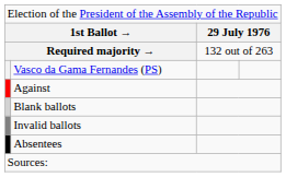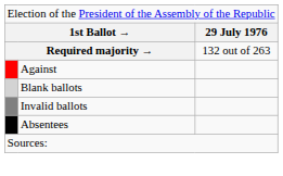 <table class="wikitable" style="text-align:center;">
 <tr>
 <td colspan="4" align="center">Election of the <a href='#'>President of the Assembly of the Republic</a></td>
 </tr>
 <tr>
 <th colspan="2" width="225px">1st Ballot →</th>
 <th colspan="2">29 July 1976</th>
 </tr>
 <tr>
 <th colspan="2">Required majority →</th>
 <td colspan="2">132 out of 263</td>
-</tr>
-<tr>
-<th width="1px" style="background:"></th>
-<td align="left"><a href='#'>Vasco da Gama Fernandes</a> (<a href='#'>PS</a>)</td>
-<td></td>
-<td></td>
 </tr>
 <tr>
 <th style="background:red;"></th>
 <td align="left">Against</td>
 <td colspan="2"></td>
 </tr>
 <tr>
 <th style="background:lightgray;"></th>
 <td align="left">Blank ballots</td>
 <td colspan="2"></td>
 </tr>
 <tr>
 <th style="background:gray;"></th>
 <td align="left">Invalid ballots</td>
 <td colspan="2"></td>
 </tr>
 <tr>
 <th style="background:black;"></th>
 <td align="left">Absentees</td>
 <td colspan="2"></td>
 </tr>
 <tr>
 <td align="left" colspan="4">Sources:</td>
 </tr>
 </table>
